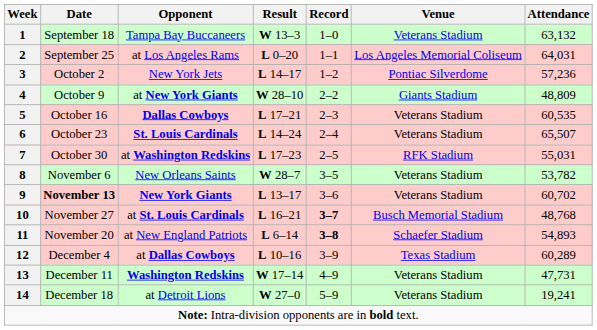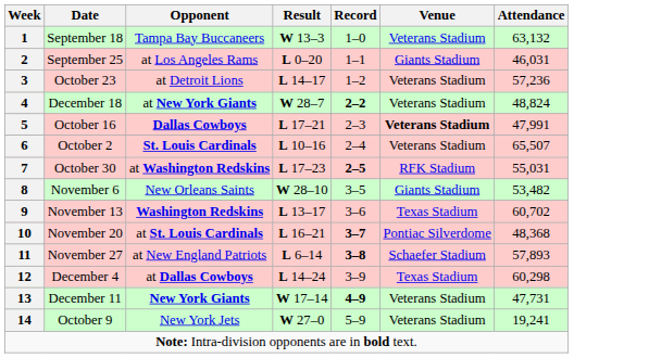 <table class="wikitable" style="text-align:center">
 <tr>
 <th>Week</th>
 <th>Date</th>
 <th>Opponent</th>
 <th>Result</th>
 <th>Record</th>
 <th>Venue</th>
 <th>Attendance</th>
 </tr>
 <tr style="background:#cfc">
 <th>1</th>
 <td>September 18</td>
 <td><a href='#'>Tampa Bay Buccaneers</a></td>
 <td><strong>W</strong> 13–3</td>
 <td>1–0</td>
 <td><a href='#'>Veterans Stadium</a></td>
 <td>63,132</td>
 </tr>
 <tr style="background:#fcc">
 <th>2</th>
 <td>September 25</td>
 <td>at <a href='#'>Los Angeles Rams</a></td>
 <td><strong>L</strong> 0–20</td>
 <td>1–1</td>
-<td><a href='#'>Los Angeles Memorial Coliseum</a></td>
-<td>64,031</td>
+<td><a href='#'>Giants Stadium</a></td>
+<td>46,031</td>
 </tr>
 <tr style="background:#fcc">
 <th>3</th>
-<td>October 2</td>
-<td><a href='#'>New York Jets</a></td>
+<td>October 23</td>
+<td>at <a href='#'>Detroit Lions</a></td>
 <td><strong>L</strong> 14–17</td>
 <td>1–2</td>
-<td><a href='#'>Pontiac Silverdome</a></td>
+<td>Veterans Stadium</td>
 <td>57,236</td>
 </tr>
 <tr style="background:#cfc">
 <th>4</th>
-<td>October 9</td>
+<td>December 18</td>
 <td>at <strong><a href='#'>New York Giants</a></strong></td>
-<td><strong>W</strong> 28–10</td>
-<td>2–2</td>
-<td><a href='#'>Giants Stadium</a></td>
-<td>48,809</td>
+<td><strong>W</strong> 28–7</td>
+<td><strong>2–2</strong></td>
+<td>Veterans Stadium</td>
+<td>48,824</td>
 </tr>
 <tr style="background: #fcc">
 <th>5</th>
 <td>October 16</td>
 <td><strong><a href='#'>Dallas Cowboys</a></strong></td>
 <td><strong>L</strong> 17–21</td>
 <td>2–3</td>
-<td>Veterans Stadium</td>
-<td>60,535</td>
+<td><strong>Veterans Stadium</strong></td>
+<td>47,991</td>
 </tr>
 <tr style="background:#fcc">
 <th>6</th>
-<td>October 23</td>
+<td>October 2</td>
 <td><strong><a href='#'>St. Louis Cardinals</a></strong></td>
-<td><strong>L</strong> 14–24</td>
+<td><strong>L</strong> 10–16</td>
 <td>2–4</td>
 <td>Veterans Stadium</td>
 <td>65,507</td>
 </tr>
 <tr style="background:#fcc">
 <th>7</th>
 <td>October 30</td>
 <td>at <strong><a href='#'>Washington Redskins</a></strong></td>
 <td><strong>L</strong> 17–23</td>
-<td>2–5</td>
+<td><strong>2–5</strong></td>
 <td><a href='#'>RFK Stadium</a></td>
 <td>55,031</td>
 </tr>
 <tr style="background:#cfc">
 <th>8</th>
 <td>November 6</td>
 <td><a href='#'>New Orleans Saints</a></td>
-<td><strong>W</strong> 28–7</td>
+<td><strong>W</strong> 28–10</td>
 <td>3–5</td>
-<td>Veterans Stadium</td>
-<td>53,782</td>
+<td><a href='#'>Giants Stadium</a></td>
+<td>53,482</td>
 </tr>
 <tr style="background:#fcc">
 <th>9</th>
-<td><strong>November 13</strong></td>
-<td><strong><a href='#'>New York Giants</a></strong></td>
+<td>November 13</td>
+<td><strong><a href='#'>Washington Redskins</a></strong></td>
 <td><strong>L</strong> 13–17</td>
 <td>3–6</td>
-<td>Veterans Stadium</td>
+<td><a href='#'>Texas Stadium</a></td>
 <td>60,702</td>
 </tr>
 <tr style="background:#fcc">
 <th>10</th>
-<td>November 27</td>
+<td>November 20</td>
 <td>at <strong><a href='#'>St. Louis Cardinals</a></strong></td>
 <td><strong>L</strong> 16–21</td>
 <td><strong>3–7</strong></td>
-<td><a href='#'>Busch Memorial Stadium</a></td>
-<td>48,768</td>
+<td><a href='#'>Pontiac Silverdome</a></td>
+<td>48,368</td>
 </tr>
 <tr style="background:#fcc">
 <th>11</th>
-<td>November 20</td>
+<td>November 27</td>
 <td>at <a href='#'>New England Patriots</a></td>
 <td><strong>L</strong> 6–14</td>
 <td><strong>3–8</strong></td>
 <td><a href='#'>Schaefer Stadium</a></td>
-<td>54,893</td>
+<td>57,893</td>
 </tr>
 <tr style="background: #fcc">
 <th>12</th>
 <td>December 4</td>
 <td>at <strong><a href='#'>Dallas Cowboys</a></strong></td>
-<td><strong>L</strong> 10–16</td>
+<td><strong>L</strong> 14–24</td>
 <td>3–9</td>
 <td><a href='#'>Texas Stadium</a></td>
-<td>60,289</td>
+<td>60,298</td>
 </tr>
 <tr style="background:#cfc">
 <th>13</th>
 <td>December 11</td>
-<td><strong><a href='#'>Washington Redskins</a></strong></td>
+<td><strong><a href='#'>New York Giants</a></strong></td>
 <td><strong>W</strong> 17–14</td>
-<td>4–9</td>
+<td><strong>4–9</strong></td>
 <td>Veterans Stadium</td>
 <td>47,731</td>
 </tr>
 <tr style="background:#cfc">
 <th>14</th>
-<td>December 18</td>
-<td>at <a href='#'>Detroit Lions</a></td>
+<td>October 9</td>
+<td><a href='#'>New York Jets</a></td>
 <td><strong>W</strong> 27–0</td>
 <td>5–9</td>
 <td>Veterans Stadium</td>
 <td>19,241</td>
 </tr>
 <tr>
 <td colspan="8"><strong>Note:</strong> Intra-division opponents are in <strong>bold</strong> text.</td>
 </tr>
 </table>
